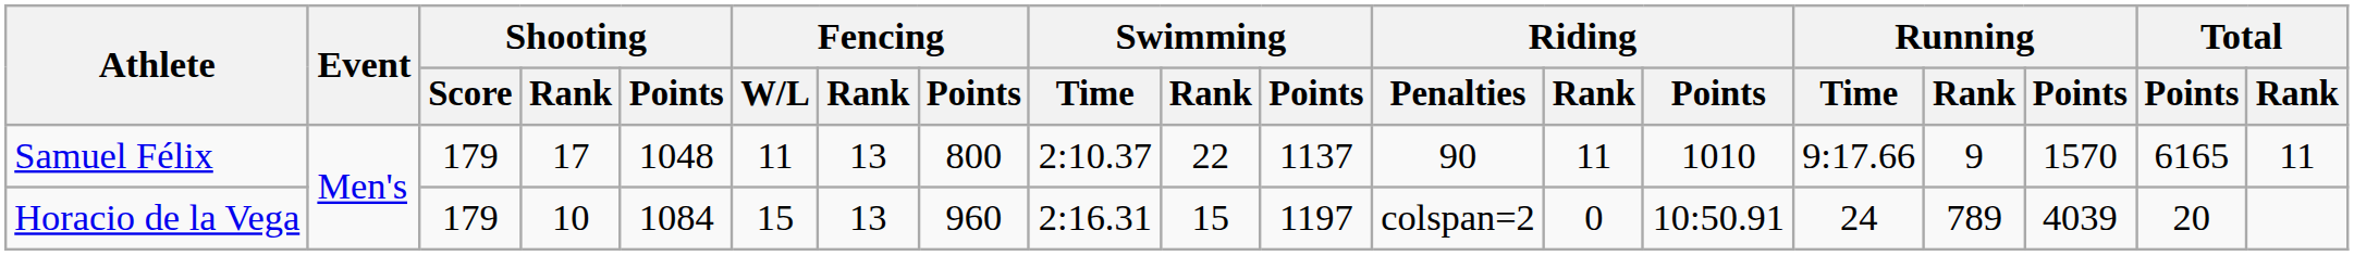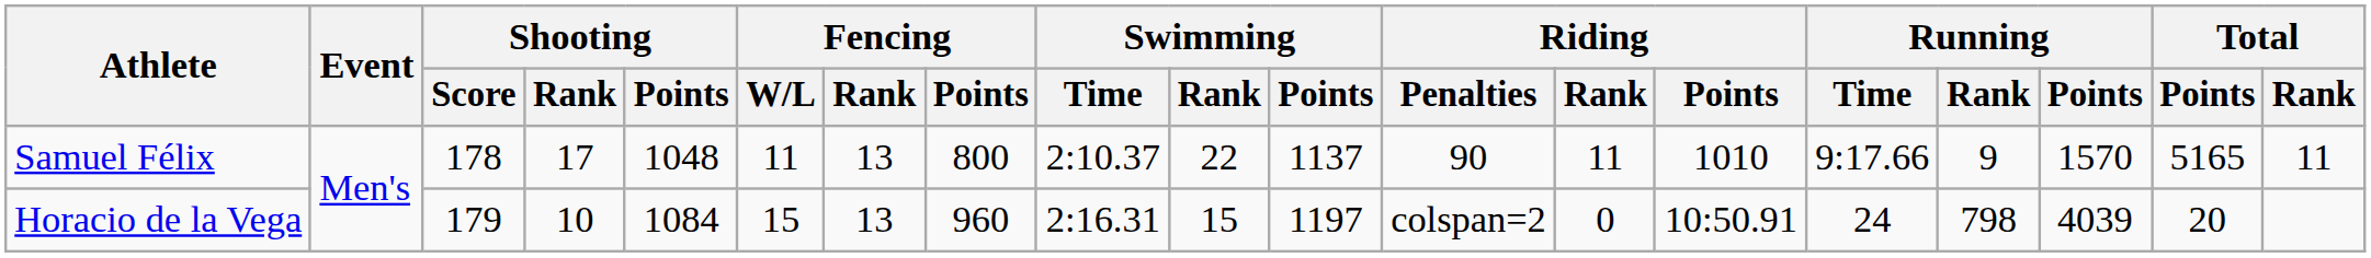 <table class=wikitable style=font-size:90%;text-align:center>
 <tr>
 <th rowspan=2>Athlete</th>
 <th rowspan=2>Event</th>
 <th colspan=3>Shooting</th>
 <th colspan=3>Fencing</th>
 <th colspan=3>Swimming</th>
 <th colspan=3>Riding</th>
 <th colspan=3>Running</th>
 <th colspan=2>Total</th>
 </tr>
 <tr style=font-size:95%>
 <th>Score</th>
 <th>Rank</th>
 <th>Points</th>
 <th>W/L</th>
 <th>Rank</th>
 <th>Points</th>
 <th>Time</th>
 <th>Rank</th>
 <th>Points</th>
 <th>Penalties</th>
 <th>Rank</th>
 <th>Points</th>
 <th>Time</th>
 <th>Rank</th>
 <th>Points</th>
 <th>Points</th>
 <th>Rank</th>
 </tr>
 <tr>
 <td align=left><a href='#'>Samuel Félix</a></td>
 <td align=left rowspan=2><a href='#'>Men's</a></td>
-<td>179</td>
+<td>178</td>
 <td>17</td>
 <td>1048</td>
 <td>11</td>
 <td>13</td>
 <td>800</td>
 <td>2:10.37</td>
 <td>22</td>
 <td>1137</td>
 <td>90</td>
 <td>11</td>
 <td>1010</td>
 <td>9:17.66</td>
 <td>9</td>
 <td>1570</td>
-<td>6165</td>
+<td>5165</td>
 <td>11</td>
 </tr>
 <tr>
 <td align=left><a href='#'>Horacio de la Vega</a></td>
 <td>179</td>
 <td>10</td>
 <td>1084</td>
 <td>15</td>
 <td>13</td>
 <td>960</td>
 <td>2:16.31</td>
 <td>15</td>
 <td>1197</td>
 <td>colspan=2 </td>
 <td>0</td>
 <td>10:50.91</td>
 <td>24</td>
-<td>789</td>
+<td>798</td>
 <td>4039</td>
 <td>20</td>
 </tr>
 </table>
